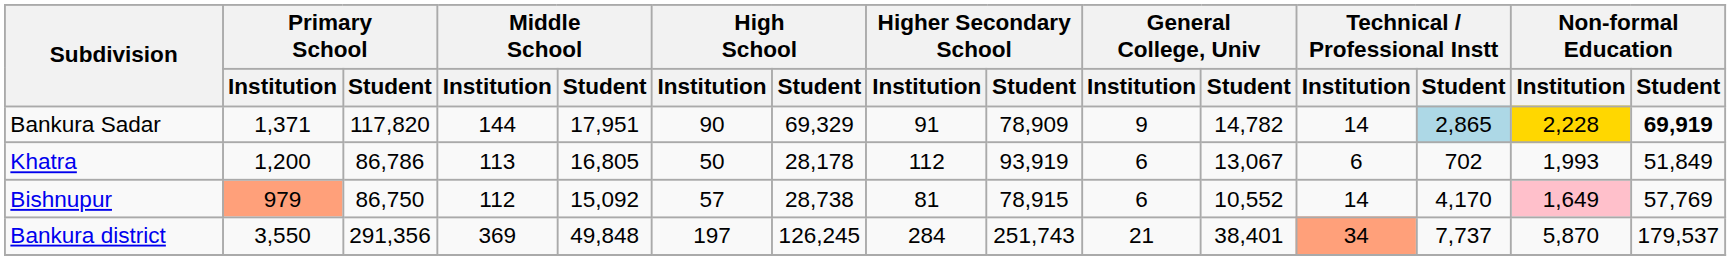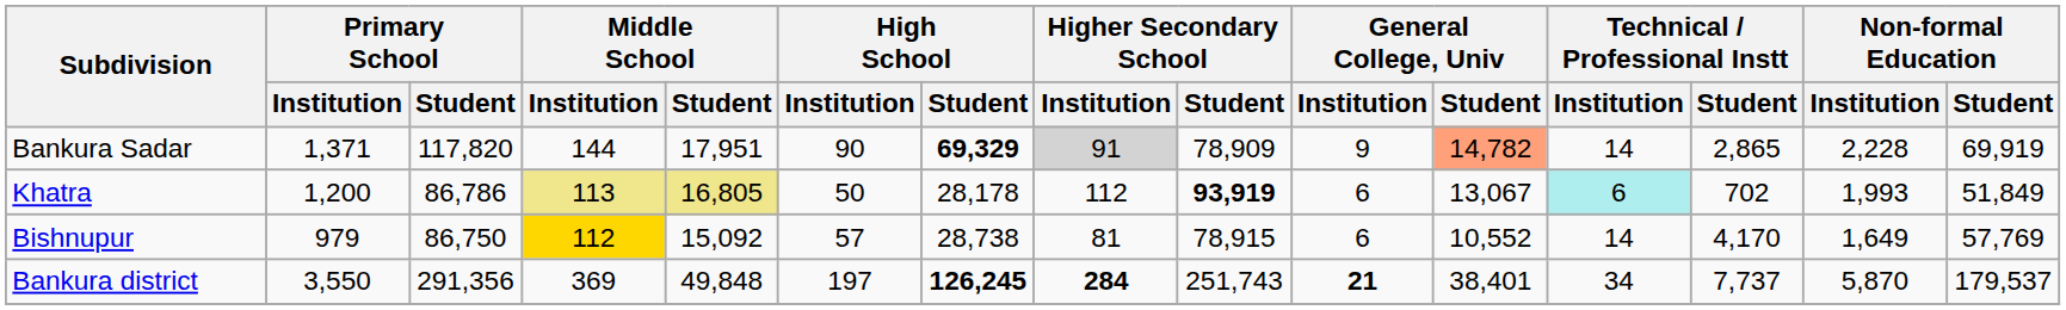 <table class="wikitable" style="text-align:center;font-size: 9pt">
 <tr>
 <th width="110" rowspan="2">Subdivision</th>
 <th colspan="2">Primary<br>School</th>
 <th colspan="2">Middle<br>School</th>
 <th colspan="2">High<br>School</th>
 <th colspan="2">Higher Secondary<br>School</th>
 <th colspan="2">General<br>College, Univ</th>
 <th colspan="2">Technical /<br>Professional Instt</th>
 <th colspan="2">Non-formal<br>Education</th>
 </tr>
 <tr>
 <th width="30">Institution</th>
 <th width="30">Student</th>
 <th width="30">Institution</th>
 <th width="30">Student</th>
 <th width="30">Institution</th>
 <th width="30">Student</th>
 <th width="30">Institution</th>
 <th width="30">Student</th>
 <th width="30">Institution</th>
 <th width="30">Student</th>
 <th width="30">Institution</th>
 <th width="30">Student</th>
 <th width="30">Institution</th>
 <th width="30">Student<br></th>
 </tr>
 <tr>
 <td align=left>Bankura Sadar</td>
 <td align="center">1,371</td>
 <td align="center">117,820</td>
 <td align="center">144</td>
 <td align="center">17,951</td>
 <td align="center">90</td>
-<td align="center">69,329</td>
-<td align="center">91</td>
+<td align="center"><strong>69,329</strong></td>
+<td align="center" style="background: lightgrey;">91</td>
 <td align="center">78,909</td>
 <td align="center">9</td>
-<td align="center">14,782</td>
+<td align="center" style="background: lightsalmon;">14,782</td>
 <td align="center">14</td>
-<td align="center" style="background: lightblue;">2,865</td>
-<td align="center" style="background: gold;">2,228</td>
-<td align="center"><strong>69,919</strong></td>
+<td align="center">2,865</td>
+<td align="center">2,228</td>
+<td align="center">69,919</td>
 </tr>
 <tr>
 <td align=left><a href='#'>Khatra</a></td>
 <td align="center">1,200</td>
 <td align="center">86,786</td>
-<td align="center">113</td>
-<td align="center">16,805</td>
+<td align="center" style="background: khaki;">113</td>
+<td align="center" style="background: khaki;">16,805</td>
 <td align="center">50</td>
 <td align="center">28,178</td>
 <td align="center">112</td>
-<td align="center">93,919</td>
+<td align="center"><strong>93,919</strong></td>
 <td align="center">6</td>
 <td align="center">13,067</td>
-<td align="center">6</td>
+<td align="center" style="background: paleturquoise;">6</td>
 <td align="center">702</td>
 <td align="center">1,993</td>
 <td align="center">51,849</td>
 </tr>
 <tr>
 <td align=left><a href='#'>Bishnupur</a></td>
-<td align="center" style="background: lightsalmon;">979</td>
+<td align="center">979</td>
 <td align="center">86,750</td>
-<td align="center">112</td>
+<td align="center" style="background: gold;">112</td>
 <td align="center">15,092</td>
 <td align="center">57</td>
 <td align="center">28,738</td>
 <td align="center">81</td>
 <td align="center">78,915</td>
 <td align="center">6</td>
 <td align="center">10,552</td>
 <td align="center">14</td>
 <td align="center">4,170</td>
-<td align="center" style="background: pink;">1,649</td>
+<td align="center">1,649</td>
 <td align="center">57,769</td>
 </tr>
 <tr>
 <td align=left><a href='#'>Bankura district</a></td>
 <td align="center">3,550</td>
 <td align="center">291,356</td>
 <td align="center">369</td>
 <td align="center">49,848</td>
 <td align="center">197</td>
-<td align="center">126,245</td>
-<td align="center">284</td>
+<td align="center"><strong>126,245</strong></td>
+<td align="center"><strong>284</strong></td>
 <td align="center">251,743</td>
-<td align="center">21</td>
+<td align="center"><strong>21</strong></td>
 <td align="center">38,401</td>
-<td align="center" style="background: lightsalmon;">34</td>
+<td align="center">34</td>
 <td align="center">7,737</td>
 <td align="center">5,870</td>
 <td align="center">179,537</td>
 </tr>
 <tr>
 </tr>
 </table>
